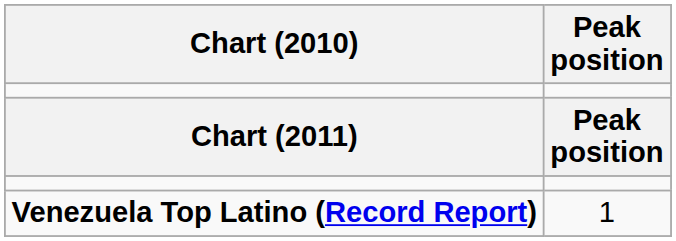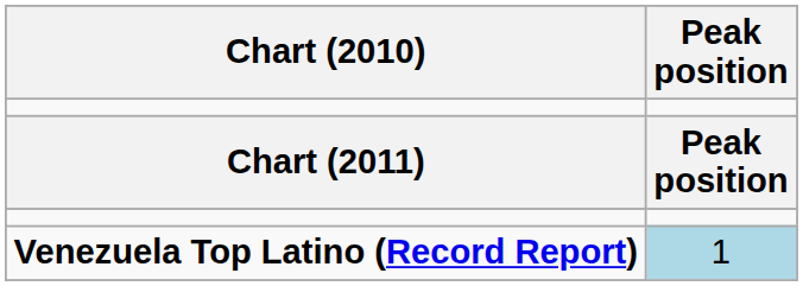 <table class="wikitable">
 <tr>
 <th>Chart (2010)</th>
 <th>Peak<br>position</th>
 </tr>
 <tr>
 <td></td>
 </tr>
 <tr>
 <th>Chart (2011)</th>
 <th>Peak<br>position</th>
 </tr>
 <tr>
 <td></td>
 </tr>
 <tr>
 <td scope="row"><strong>Venezuela Top Latino (<a href='#'>Record Report</a>)</strong></td>
-<td style="text-align:center;">1</td>
+<td style="background: lightblue; text-align:center;">1</td>
 </tr>
 </table>
